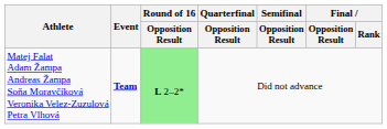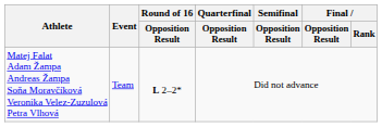 <table class=wikitable style="font-size:90%">
 <tr>
 <th rowspan=2>Athlete</th>
 <th rowspan=2>Event</th>
 <th>Round of 16</th>
 <th>Quarterfinal</th>
 <th>Semifinal</th>
 <th colspan=2>Final / </th>
 </tr>
 <tr style=font-size:95%>
 <th>Opposition<br>Result</th>
 <th>Opposition<br>Result</th>
 <th>Opposition<br>Result</th>
 <th>Opposition<br>Result</th>
 <th>Rank</th>
 </tr>
 <tr align=center>
 <td align=left><a href='#'>Matej Falat</a><br><a href='#'>Adam Žampa</a><br><a href='#'>Andreas Žampa</a><br><a href='#'>Soňa Moravčíková</a><br><a href='#'>Veronika Velez-Zuzulová</a><br><a href='#'>Petra Vlhová</a></td>
-<td align=left><strong><a href='#'>Team</a></strong></td>
-<td style="background: lightgreen;"><br><strong>L</strong> 2–2*</td>
+<td align=left><a href='#'>Team</a></td>
+<td><br><strong>L</strong> 2–2*</td>
 <td colspan=4>Did not advance</td>
 </tr>
 </table>
